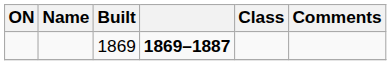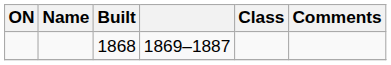 <table class="wikitable">
 <tr>
 <th>ON</th>
 <th>Name</th>
 <th>Built</th>
 <th></th>
 <th>Class</th>
 <th>Comments</th>
 </tr>
 <tr>
 <td></td>
 <td></td>
-<td>1869</td>
-<td><strong>1869–1887</strong></td>
+<td>1868</td>
+<td>1869–1887</td>
 <td></td>
 <td></td>
 </tr>
 <tr>
 </tr>
 </table>
